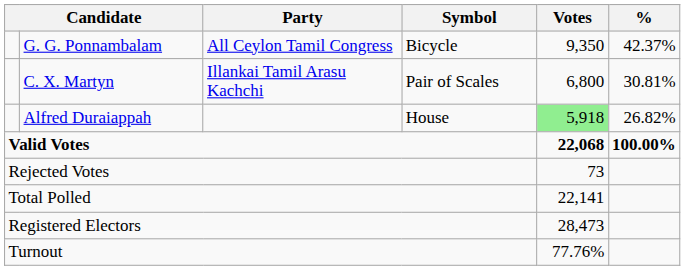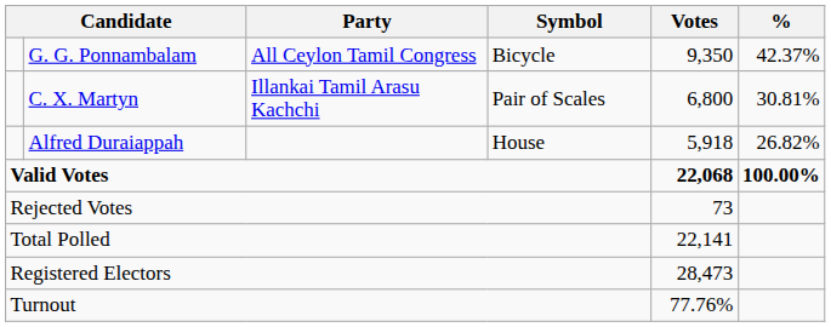 <table class="wikitable" border="1" style="text-align:right;">
 <tr>
 <th align=left colspan=2 width="180">Candidate</th>
 <th align=left width="180">Party</th>
 <th align=left width="120">Symbol</th>
 <th align=left width="60">Votes</th>
 <th align=left width="60">%</th>
 </tr>
 <tr>
 <td bgcolor=> </td>
 <td align=left><a href='#'>G. G. Ponnambalam</a></td>
 <td align=left><a href='#'>All Ceylon Tamil Congress</a></td>
 <td align=left>Bicycle</td>
 <td>9,350</td>
 <td>42.37%</td>
 </tr>
 <tr>
 <td bgcolor=> </td>
 <td align=left><a href='#'>C. X. Martyn</a></td>
 <td align=left><a href='#'>Illankai Tamil Arasu Kachchi</a></td>
 <td align=left>Pair of Scales</td>
 <td>6,800</td>
 <td>30.81%</td>
 </tr>
 <tr>
 <td></td>
 <td align=left><a href='#'>Alfred Duraiappah</a></td>
 <td></td>
 <td align=left>House</td>
-<td style="background: lightgreen;">5,918</td>
+<td>5,918</td>
 <td>26.82%</td>
 </tr>
 <tr>
 <td align=left colspan=4><strong>Valid Votes</strong></td>
 <td><strong>22,068</strong></td>
 <td><strong>100.00%</strong></td>
 </tr>
 <tr>
 <td align=left colspan=4>Rejected Votes</td>
 <td>73</td>
 <td></td>
 </tr>
 <tr>
 <td align=left colspan=4>Total Polled</td>
 <td>22,141</td>
 <td></td>
 </tr>
 <tr>
 <td align=left colspan=4>Registered Electors</td>
 <td>28,473</td>
 <td></td>
 </tr>
 <tr>
 <td align=left colspan=4>Turnout</td>
 <td>77.76%</td>
 </tr>
 </table>
